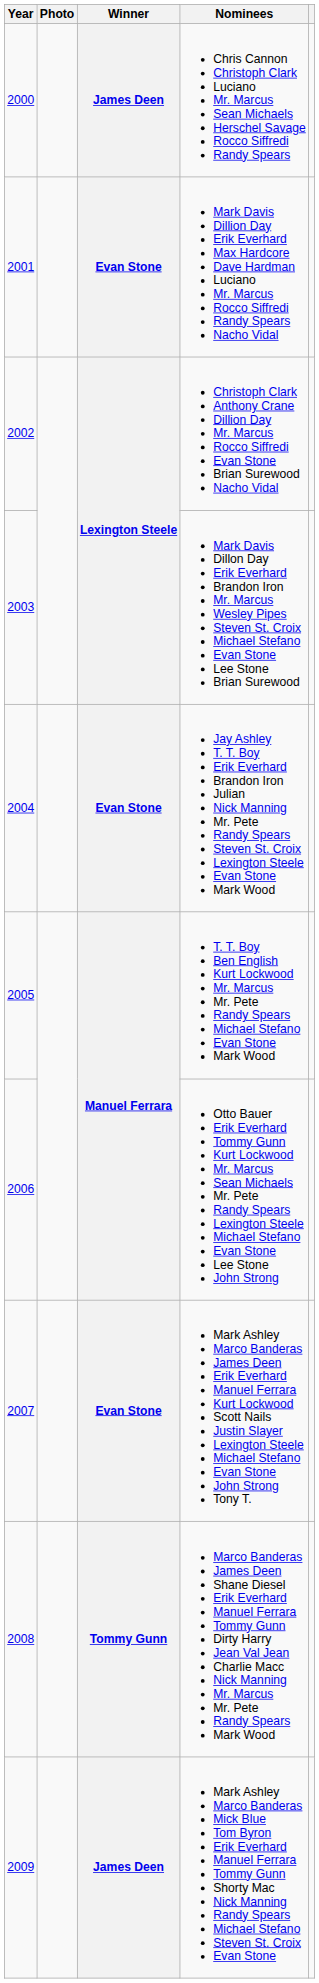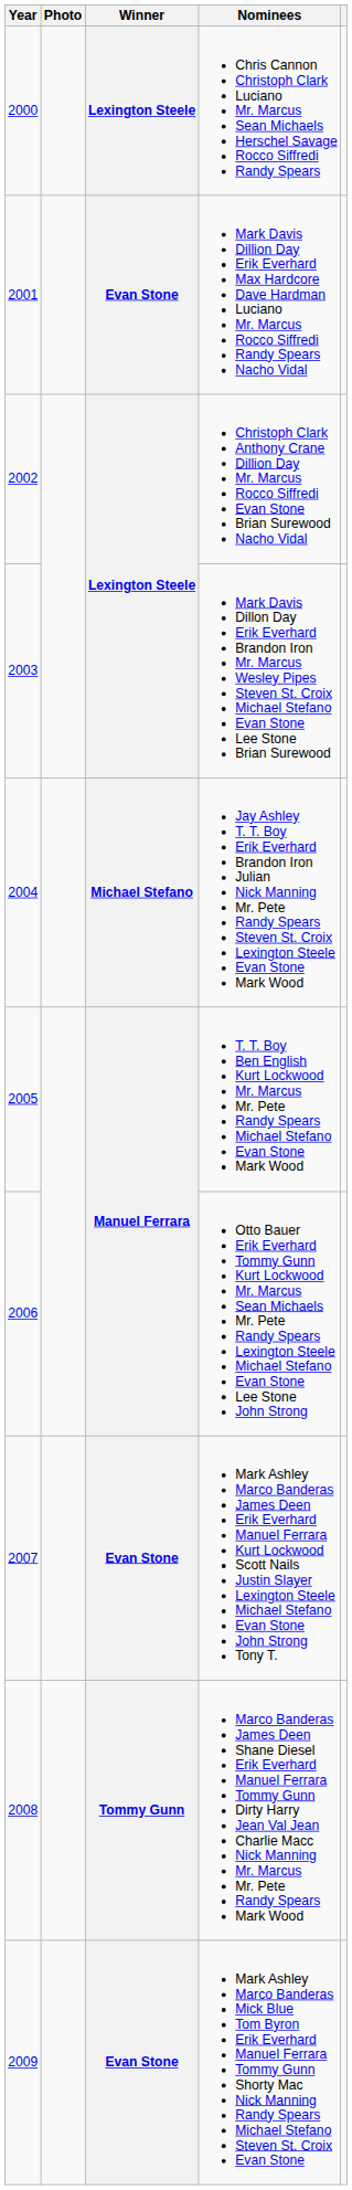 <table Class="wikitable sortable">
 <tr>
 <th>Year</th>
 <th>Photo</th>
 <th>Winner</th>
 <th>Nominees</th>
 <th></th>
 </tr>
 <tr>
 <td><a href='#'>2000</a></td>
 <td></td>
-<th><a href='#'>James Deen</a></th>
+<th><a href='#'>Lexington Steele</a></th>
 <td valign="top"><br><ul><li>Chris Cannon</li><li><a href='#'>Christoph Clark</a></li><li>Luciano</li><li><a href='#'>Mr. Marcus</a></li><li><a href='#'>Sean Michaels</a></li><li><a href='#'>Herschel Savage</a></li><li><a href='#'>Rocco Siffredi</a></li><li><a href='#'>Randy Spears</a></li></ul></td>
 <td></td>
 </tr>
 <tr>
 <td><a href='#'>2001</a></td>
 <td></td>
 <th><a href='#'>Evan Stone</a></th>
 <td valign="top"><br><ul><li><a href='#'>Mark Davis</a></li><li><a href='#'>Dillion Day</a></li><li><a href='#'>Erik Everhard</a></li><li><a href='#'>Max Hardcore</a></li><li><a href='#'>Dave Hardman</a></li><li>Luciano</li><li><a href='#'>Mr. Marcus</a></li><li><a href='#'>Rocco Siffredi</a></li><li><a href='#'>Randy Spears</a></li><li><a href='#'>Nacho Vidal</a></li></ul></td>
 <td></td>
 </tr>
 <tr>
 <td><a href='#'>2002</a></td>
 <td rowspan="2"></td>
 <th rowspan="2"><a href='#'>Lexington Steele</a></th>
 <td valign="top"><br><ul><li><a href='#'>Christoph Clark</a></li><li><a href='#'>Anthony Crane</a></li><li><a href='#'>Dillion Day</a></li><li><a href='#'>Mr. Marcus</a></li><li><a href='#'>Rocco Siffredi</a></li><li><a href='#'>Evan Stone</a></li><li>Brian Surewood</li><li><a href='#'>Nacho Vidal</a></li></ul></td>
 <td></td>
 </tr>
 <tr>
 <td><a href='#'>2003</a></td>
 <td valign="top"><br><ul><li><a href='#'>Mark Davis</a></li><li>Dillon Day</li><li><a href='#'>Erik Everhard</a></li><li>Brandon Iron</li><li><a href='#'>Mr. Marcus</a></li><li><a href='#'>Wesley Pipes</a></li><li><a href='#'>Steven St. Croix</a></li><li><a href='#'>Michael Stefano</a></li><li><a href='#'>Evan Stone</a></li><li>Lee Stone</li><li>Brian Surewood</li></ul></td>
 <td></td>
 </tr>
 <tr>
 <td><a href='#'>2004</a></td>
 <td></td>
-<th><a href='#'>Evan Stone</a></th>
+<th><a href='#'>Michael Stefano</a></th>
 <td valign="top"><br><ul><li><a href='#'>Jay Ashley</a></li><li><a href='#'>T. T. Boy</a></li><li><a href='#'>Erik Everhard</a></li><li>Brandon Iron</li><li>Julian</li><li><a href='#'>Nick Manning</a></li><li>Mr. Pete</li><li><a href='#'>Randy Spears</a></li><li><a href='#'>Steven St. Croix</a></li><li><a href='#'>Lexington Steele</a></li><li><a href='#'>Evan Stone</a></li><li>Mark Wood</li></ul></td>
 <td></td>
 </tr>
 <tr>
 <td><a href='#'>2005</a></td>
 <td rowspan="2"></td>
 <th rowspan="2"><a href='#'>Manuel Ferrara</a></th>
 <td valign="top"><br><ul><li><a href='#'>T. T. Boy</a></li><li><a href='#'>Ben English</a></li><li><a href='#'>Kurt Lockwood</a></li><li><a href='#'>Mr. Marcus</a></li><li>Mr. Pete</li><li><a href='#'>Randy Spears</a></li><li><a href='#'>Michael Stefano</a></li><li><a href='#'>Evan Stone</a></li><li>Mark Wood</li></ul></td>
 <td></td>
 </tr>
 <tr>
 <td><a href='#'>2006</a></td>
 <td valign="top"><br><ul><li>Otto Bauer</li><li><a href='#'>Erik Everhard</a></li><li><a href='#'>Tommy Gunn</a></li><li><a href='#'>Kurt Lockwood</a></li><li><a href='#'>Mr. Marcus</a></li><li><a href='#'>Sean Michaels</a></li><li>Mr. Pete</li><li><a href='#'>Randy Spears</a></li><li><a href='#'>Lexington Steele</a></li><li><a href='#'>Michael Stefano</a></li><li><a href='#'>Evan Stone</a></li><li>Lee Stone</li><li><a href='#'>John Strong</a></li></ul></td>
 <td></td>
 </tr>
 <tr>
 <td><a href='#'>2007</a></td>
 <td></td>
 <th><a href='#'>Evan Stone</a></th>
 <td valign="top"><br><ul><li>Mark Ashley</li><li><a href='#'>Marco Banderas</a></li><li><a href='#'>James Deen</a></li><li><a href='#'>Erik Everhard</a></li><li><a href='#'>Manuel Ferrara</a></li><li><a href='#'>Kurt Lockwood</a></li><li>Scott Nails</li><li><a href='#'>Justin Slayer</a></li><li><a href='#'>Lexington Steele</a></li><li><a href='#'>Michael Stefano</a></li><li><a href='#'>Evan Stone</a></li><li><a href='#'>John Strong</a></li><li>Tony T.</li></ul></td>
 <td></td>
 </tr>
 <tr>
 <td><a href='#'>2008</a></td>
 <td></td>
 <th><a href='#'>Tommy Gunn</a></th>
 <td valign="top"><br><ul><li><a href='#'>Marco Banderas</a></li><li><a href='#'>James Deen</a></li><li>Shane Diesel</li><li><a href='#'>Erik Everhard</a></li><li><a href='#'>Manuel Ferrara</a></li><li><a href='#'>Tommy Gunn</a></li><li>Dirty Harry</li><li><a href='#'>Jean Val Jean</a></li><li>Charlie Macc</li><li><a href='#'>Nick Manning</a></li><li><a href='#'>Mr. Marcus</a></li><li>Mr. Pete</li><li><a href='#'>Randy Spears</a></li><li>Mark Wood</li></ul></td>
 <td></td>
 </tr>
 <tr>
 <td><a href='#'>2009</a></td>
 <td></td>
-<th><a href='#'>James Deen</a></th>
+<th><a href='#'>Evan Stone</a></th>
 <td valign="top"><br><ul><li>Mark Ashley</li><li><a href='#'>Marco Banderas</a></li><li><a href='#'>Mick Blue</a></li><li><a href='#'>Tom Byron</a></li><li><a href='#'>Erik Everhard</a></li><li><a href='#'>Manuel Ferrara</a></li><li><a href='#'>Tommy Gunn</a></li><li>Shorty Mac</li><li><a href='#'>Nick Manning</a></li><li><a href='#'>Randy Spears</a></li><li><a href='#'>Michael Stefano</a></li><li><a href='#'>Steven St. Croix</a></li><li><a href='#'>Evan Stone</a></li></ul></td>
 <td></td>
 </tr>
 </table>
